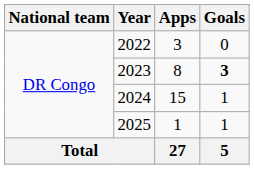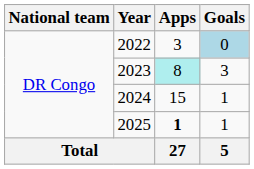 <table class="wikitable" style="text-align:center">
 <tr>
 <th>National team</th>
 <th>Year</th>
 <th>Apps</th>
 <th>Goals</th>
 </tr>
 <tr>
 <td rowspan="4"><a href='#'>DR Congo</a></td>
 <td>2022</td>
 <td>3</td>
-<td>0</td>
+<td style="background: lightblue;">0</td>
 </tr>
 <tr>
 <td>2023</td>
-<td>8</td>
-<td><strong>3</strong></td>
+<td style="background: paleturquoise;">8</td>
+<td>3</td>
 </tr>
 <tr>
 <td>2024</td>
 <td>15</td>
 <td>1</td>
 </tr>
 <tr>
 <td>2025</td>
-<td>1</td>
+<td><strong>1</strong></td>
 <td>1</td>
 </tr>
 <tr>
 <th colspan="2">Total</th>
 <th>27</th>
 <th>5</th>
 </tr>
 </table>
